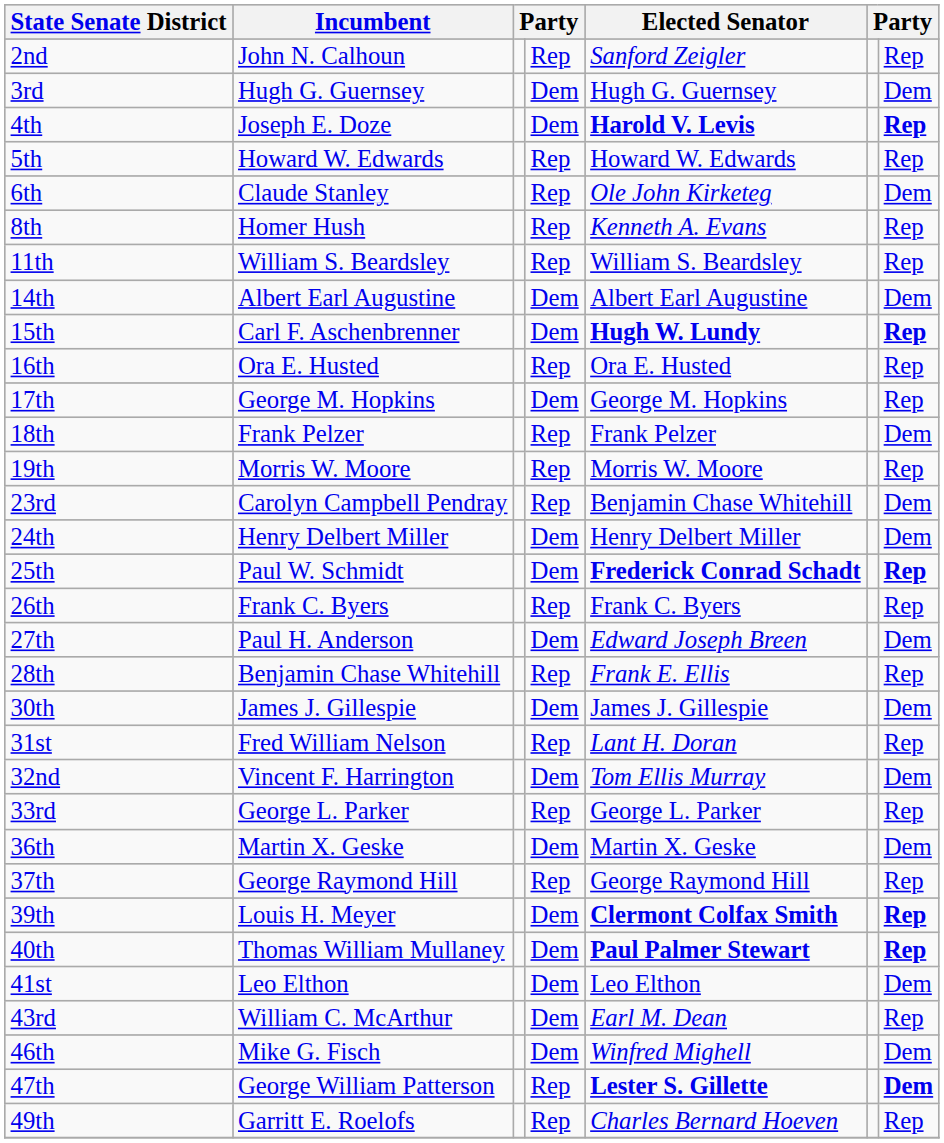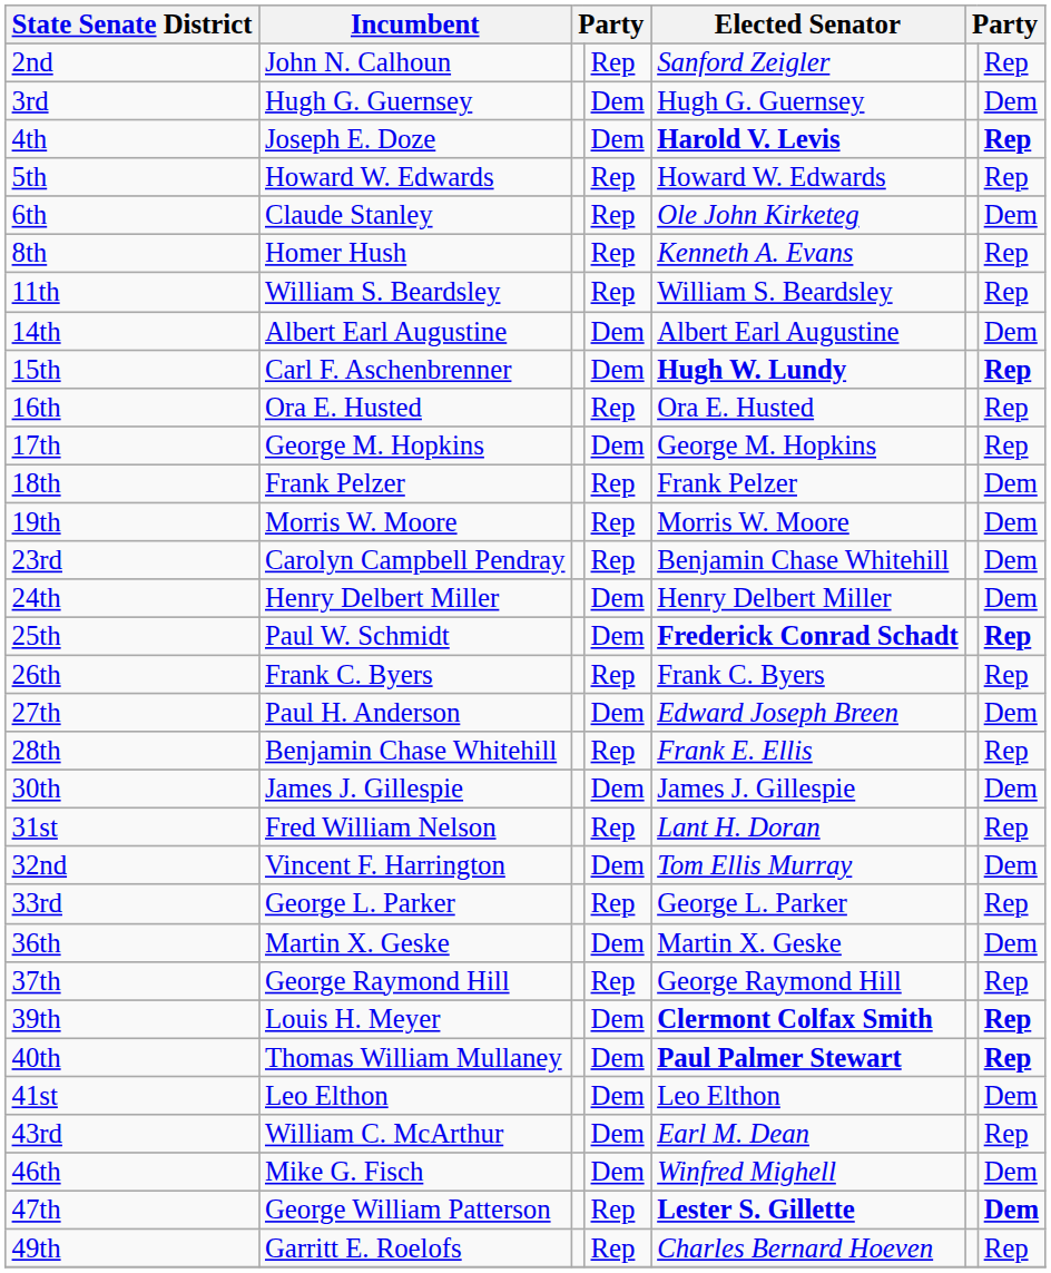 <table class="sortable wikitable" style="font-size:95%;line-height:14px;">
 <tr>
 <th class="unsortable"><a href='#'>State Senate</a> District</th>
 <th class="unsortable"><a href='#'>Incumbent</a></th>
 <th colspan="2">Party</th>
 <th class="unsortable">Elected Senator</th>
 <th colspan="2">Party</th>
 </tr>
 <tr>
 <td><a href='#'>2nd</a></td>
 <td><a href='#'>John N. Calhoun</a></td>
 <td style="background:"></td>
 <td><a href='#'>Rep</a></td>
 <td><em><a href='#'>Sanford Zeigler</a></em></td>
 <td style="background:"></td>
 <td><a href='#'>Rep</a></td>
 </tr>
 <tr>
 <td><a href='#'>3rd</a></td>
 <td><a href='#'>Hugh G. Guernsey</a></td>
 <td style="background:"></td>
 <td><a href='#'>Dem</a></td>
 <td><a href='#'>Hugh G. Guernsey</a></td>
 <td style="background:"></td>
 <td><a href='#'>Dem</a></td>
 </tr>
 <tr>
 <td><a href='#'>4th</a></td>
 <td><a href='#'>Joseph E. Doze</a></td>
 <td style="background:"></td>
 <td><a href='#'>Dem</a></td>
 <td><strong><a href='#'>Harold V. Levis</a></strong></td>
 <td style="background:"></td>
 <td><strong><a href='#'>Rep</a></strong></td>
 </tr>
 <tr>
 <td><a href='#'>5th</a></td>
 <td><a href='#'>Howard W. Edwards</a></td>
 <td style="background:"></td>
 <td><a href='#'>Rep</a></td>
 <td><a href='#'>Howard W. Edwards</a></td>
 <td style="background:"></td>
 <td><a href='#'>Rep</a></td>
 </tr>
 <tr>
 <td><a href='#'>6th</a></td>
 <td><a href='#'>Claude Stanley</a></td>
 <td style="background:"></td>
 <td><a href='#'>Rep</a></td>
 <td><em><a href='#'>Ole John Kirketeg</a></em></td>
 <td style="background:"></td>
 <td><a href='#'>Dem</a></td>
 </tr>
 <tr>
 <td><a href='#'>8th</a></td>
 <td><a href='#'>Homer Hush</a></td>
 <td style="background:"></td>
 <td><a href='#'>Rep</a></td>
 <td><em><a href='#'>Kenneth A. Evans</a></em></td>
 <td style="background:"></td>
 <td><a href='#'>Rep</a></td>
 </tr>
 <tr>
 <td><a href='#'>11th</a></td>
 <td><a href='#'>William S. Beardsley</a></td>
 <td style="background:"></td>
 <td><a href='#'>Rep</a></td>
 <td><a href='#'>William S. Beardsley</a></td>
 <td style="background:"></td>
 <td><a href='#'>Rep</a></td>
 </tr>
 <tr>
 <td><a href='#'>14th</a></td>
 <td><a href='#'>Albert Earl Augustine</a></td>
 <td style="background:"></td>
 <td><a href='#'>Dem</a></td>
 <td><a href='#'>Albert Earl Augustine</a></td>
 <td style="background:"></td>
 <td><a href='#'>Dem</a></td>
 </tr>
 <tr>
 <td><a href='#'>15th</a></td>
 <td><a href='#'>Carl F. Aschenbrenner</a></td>
 <td style="background:"></td>
 <td><a href='#'>Dem</a></td>
 <td><strong><a href='#'>Hugh W. Lundy</a></strong></td>
 <td style="background:"></td>
 <td><strong><a href='#'>Rep</a></strong></td>
 </tr>
 <tr>
 <td><a href='#'>16th</a></td>
 <td><a href='#'>Ora E. Husted</a></td>
 <td style="background:"></td>
 <td><a href='#'>Rep</a></td>
 <td><a href='#'>Ora E. Husted</a></td>
 <td style="background:"></td>
 <td><a href='#'>Rep</a></td>
 </tr>
 <tr>
 <td><a href='#'>17th</a></td>
 <td><a href='#'>George M. Hopkins</a></td>
 <td style="background:"></td>
 <td><a href='#'>Dem</a></td>
 <td><a href='#'>George M. Hopkins</a></td>
 <td style="background:"></td>
 <td><a href='#'>Rep</a></td>
 </tr>
 <tr>
 <td><a href='#'>18th</a></td>
 <td><a href='#'>Frank Pelzer</a></td>
 <td style="background:"></td>
 <td><a href='#'>Rep</a></td>
 <td><a href='#'>Frank Pelzer</a></td>
 <td style="background:"></td>
 <td><a href='#'>Dem</a></td>
 </tr>
 <tr>
 <td><a href='#'>19th</a></td>
 <td><a href='#'>Morris W. Moore</a></td>
 <td style="background:"></td>
 <td><a href='#'>Rep</a></td>
 <td><a href='#'>Morris W. Moore</a></td>
 <td style="background:"></td>
-<td><a href='#'>Rep</a></td>
+<td><a href='#'>Dem</a></td>
 </tr>
 <tr>
 <td><a href='#'>23rd</a></td>
 <td><a href='#'>Carolyn Campbell Pendray</a></td>
 <td style="background:"></td>
 <td><a href='#'>Rep</a></td>
 <td><a href='#'>Benjamin Chase Whitehill</a></td>
 <td style="background:"></td>
 <td><a href='#'>Dem</a></td>
 </tr>
 <tr>
 <td><a href='#'>24th</a></td>
 <td><a href='#'>Henry Delbert Miller</a></td>
 <td style="background:"></td>
 <td><a href='#'>Dem</a></td>
 <td><a href='#'>Henry Delbert Miller</a></td>
 <td style="background:"></td>
 <td><a href='#'>Dem</a></td>
 </tr>
 <tr>
 <td><a href='#'>25th</a></td>
 <td><a href='#'>Paul W. Schmidt</a></td>
 <td style="background:"></td>
 <td><a href='#'>Dem</a></td>
 <td><strong><a href='#'>Frederick Conrad Schadt</a></strong></td>
 <td style="background:"></td>
 <td><strong><a href='#'>Rep</a></strong></td>
 </tr>
 <tr>
 <td><a href='#'>26th</a></td>
 <td><a href='#'>Frank C. Byers</a></td>
 <td style="background:"></td>
 <td><a href='#'>Rep</a></td>
 <td><a href='#'>Frank C. Byers</a></td>
 <td style="background:"></td>
 <td><a href='#'>Rep</a></td>
 </tr>
 <tr>
 <td><a href='#'>27th</a></td>
 <td><a href='#'>Paul H. Anderson</a></td>
 <td style="background:"></td>
 <td><a href='#'>Dem</a></td>
 <td><em><a href='#'>Edward Joseph Breen</a></em></td>
 <td style="background:"></td>
 <td><a href='#'>Dem</a></td>
 </tr>
 <tr>
 <td><a href='#'>28th</a></td>
 <td><a href='#'>Benjamin Chase Whitehill</a></td>
 <td style="background:"></td>
 <td><a href='#'>Rep</a></td>
 <td><em><a href='#'>Frank E. Ellis</a></em></td>
 <td style="background:"></td>
 <td><a href='#'>Rep</a></td>
 </tr>
 <tr>
 <td><a href='#'>30th</a></td>
 <td><a href='#'>James J. Gillespie</a></td>
 <td style="background:"></td>
 <td><a href='#'>Dem</a></td>
 <td><a href='#'>James J. Gillespie</a></td>
 <td style="background:"></td>
 <td><a href='#'>Dem</a></td>
 </tr>
 <tr>
 <td><a href='#'>31st</a></td>
 <td><a href='#'>Fred William Nelson</a></td>
 <td style="background:"></td>
 <td><a href='#'>Rep</a></td>
 <td><em><a href='#'>Lant H. Doran</a></em></td>
 <td style="background:"></td>
 <td><a href='#'>Rep</a></td>
 </tr>
 <tr>
 <td><a href='#'>32nd</a></td>
 <td><a href='#'>Vincent F. Harrington</a></td>
 <td style="background:"></td>
 <td><a href='#'>Dem</a></td>
 <td><em><a href='#'>Tom Ellis Murray</a></em></td>
 <td style="background:"></td>
 <td><a href='#'>Dem</a></td>
 </tr>
 <tr>
 <td><a href='#'>33rd</a></td>
 <td><a href='#'>George L. Parker</a></td>
 <td style="background:"></td>
 <td><a href='#'>Rep</a></td>
 <td><a href='#'>George L. Parker</a></td>
 <td style="background:"></td>
 <td><a href='#'>Rep</a></td>
 </tr>
 <tr>
 <td><a href='#'>36th</a></td>
 <td><a href='#'>Martin X. Geske</a></td>
 <td style="background:"></td>
 <td><a href='#'>Dem</a></td>
 <td><a href='#'>Martin X. Geske</a></td>
 <td style="background:"></td>
 <td><a href='#'>Dem</a></td>
 </tr>
 <tr>
 <td><a href='#'>37th</a></td>
 <td><a href='#'>George Raymond Hill</a></td>
 <td style="background:"></td>
 <td><a href='#'>Rep</a></td>
 <td><a href='#'>George Raymond Hill</a></td>
 <td style="background:"></td>
 <td><a href='#'>Rep</a></td>
 </tr>
 <tr>
 <td><a href='#'>39th</a></td>
 <td><a href='#'>Louis H. Meyer</a></td>
 <td style="background:"></td>
 <td><a href='#'>Dem</a></td>
 <td><strong><a href='#'>Clermont Colfax Smith</a></strong></td>
 <td style="background:"></td>
 <td><strong><a href='#'>Rep</a></strong></td>
 </tr>
 <tr>
 <td><a href='#'>40th</a></td>
 <td><a href='#'>Thomas William Mullaney</a></td>
 <td style="background:"></td>
 <td><a href='#'>Dem</a></td>
 <td><strong><a href='#'>Paul Palmer Stewart</a></strong></td>
 <td style="background:"></td>
 <td><strong><a href='#'>Rep</a></strong></td>
 </tr>
 <tr>
 <td><a href='#'>41st</a></td>
 <td><a href='#'>Leo Elthon</a></td>
 <td style="background:"></td>
 <td><a href='#'>Dem</a></td>
 <td><a href='#'>Leo Elthon</a></td>
 <td style="background:"></td>
 <td><a href='#'>Dem</a></td>
 </tr>
 <tr>
 <td><a href='#'>43rd</a></td>
 <td><a href='#'>William C. McArthur</a></td>
 <td style="background:"></td>
 <td><a href='#'>Dem</a></td>
 <td><em><a href='#'>Earl M. Dean</a></em></td>
 <td style="background:"></td>
 <td><a href='#'>Rep</a></td>
 </tr>
 <tr>
 <td><a href='#'>46th</a></td>
 <td><a href='#'>Mike G. Fisch</a></td>
 <td style="background:"></td>
 <td><a href='#'>Dem</a></td>
 <td><em><a href='#'>Winfred Mighell</a></em></td>
 <td style="background:"></td>
 <td><a href='#'>Dem</a></td>
 </tr>
 <tr>
 <td><a href='#'>47th</a></td>
 <td><a href='#'>George William Patterson</a></td>
 <td style="background:"></td>
 <td><a href='#'>Rep</a></td>
 <td><strong><a href='#'>Lester S. Gillette</a></strong></td>
 <td style="background:"></td>
 <td><strong><a href='#'>Dem</a></strong></td>
 </tr>
 <tr>
 <td><a href='#'>49th</a></td>
 <td><a href='#'>Garritt E. Roelofs</a></td>
 <td style="background:"></td>
 <td><a href='#'>Rep</a></td>
 <td><em><a href='#'>Charles Bernard Hoeven</a></em></td>
 <td style="background:"></td>
 <td><a href='#'>Rep</a></td>
 </tr>
 <tr>
 </tr>
 </table>
